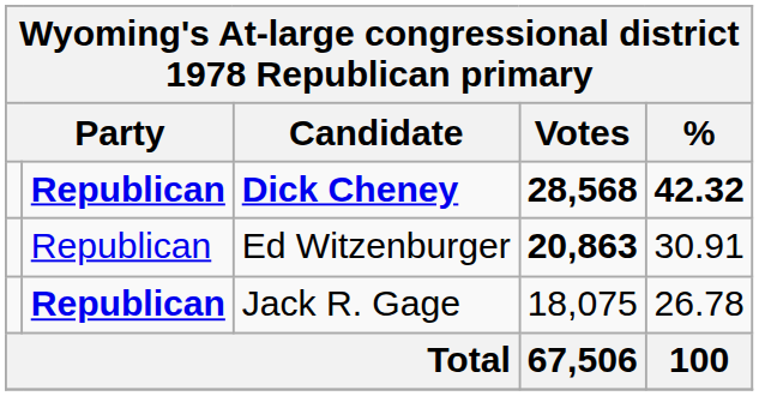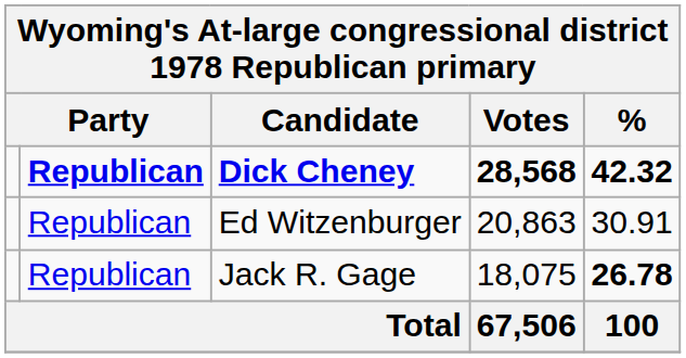 <table class=wikitable>
 <tr>
 <th colspan = 6>Wyoming's At-large congressional district<br>1978 Republican primary</th>
 </tr>
 <tr>
 <th colspan=2>Party</th>
 <th>Candidate</th>
 <th>Votes</th>
 <th>%</th>
 </tr>
 <tr>
 <td></td>
 <td><strong><a href='#'>Republican</a></strong></td>
 <td><strong><a href='#'>Dick Cheney</a></strong></td>
 <td align=center><strong>28,568</strong></td>
 <td align=center><strong>42.32</strong></td>
 </tr>
 <tr>
 <td></td>
 <td><a href='#'>Republican</a></td>
 <td>Ed Witzenburger</td>
-<td align=center><strong>20,863</strong></td>
+<td align=center>20,863</td>
 <td align=center>30.91</td>
 </tr>
 <tr>
 <td></td>
-<td><strong><a href='#'>Republican</a></strong></td>
+<td><a href='#'>Republican</a></td>
 <td>Jack R. Gage</td>
 <td align=center>18,075</td>
-<td align=center>26.78</td>
+<td align=center><strong>26.78</strong></td>
 </tr>
 <tr>
 <th colspan=3; style="text-align:right;">Total</th>
 <th align=center>67,506</th>
 <th align=center>100</th>
 </tr>
 <tr>
 </tr>
 </table>
